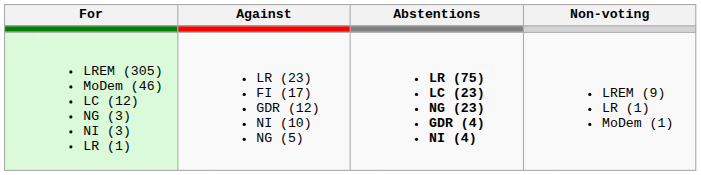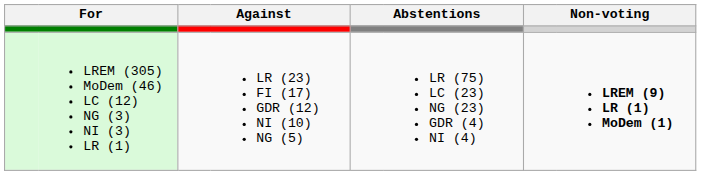 <table class="wikitable" style="font-size:95%;">
 <tr>
 <th colspan="2">For</th>
 <th colspan="2">Against</th>
 <th colspan="2">Abstentions</th>
 <th colspan="2">Non-voting</th>
 </tr>
 <tr>
 <th style="background:green;" colspan="2"></th>
 <th style="background:red;" colspan="2"></th>
 <th style="background:gray;" colspan="2"></th>
 <th style="background:lightgray;" colspan="2"></th>
 </tr>
 <tr>
 <td style="background:#DAFADA;font-size:115%;border-right-style:hidden;" width="25"></td>
 <td style="background:#DAFADA;" width="125"><br><ul><li>LREM (305)</li><li>MoDem (46)</li><li>LC (12)</li><li>NG (3)</li><li>NI (3)</li><li>LR (1)</li></ul></td>
 <td style="font-size:115%;border-right-style:hidden;" width="25"></td>
 <td width="125"><br><ul><li>LR (23)</li><li>FI (17)</li><li>GDR (12)</li><li>NI (10)</li><li>NG (5)</li></ul></td>
 <td style="font-size:115%;border-right-style:hidden;" width="25"></td>
-<td width="125"><strong><br><ul><li>LR (75)</li><li>LC (23)</li><li>NG (23)</li><li>GDR (4)</li><li>NI (4)</li></ul></strong></td>
+<td width="125"><br><ul><li>LR (75)</li><li>LC (23)</li><li>NG (23)</li><li>GDR (4)</li><li>NI (4)</li></ul></td>
 <td style="font-size:115%;border-right-style:hidden;" width="25"></td>
-<td width="125"><br><ul><li>LREM (9)</li><li>LR (1)</li><li>MoDem (1)</li></ul></td>
+<td width="125"><strong><br><ul><li>LREM (9)</li><li>LR (1)</li><li>MoDem (1)</li></ul></strong></td>
 </tr>
 </table>
